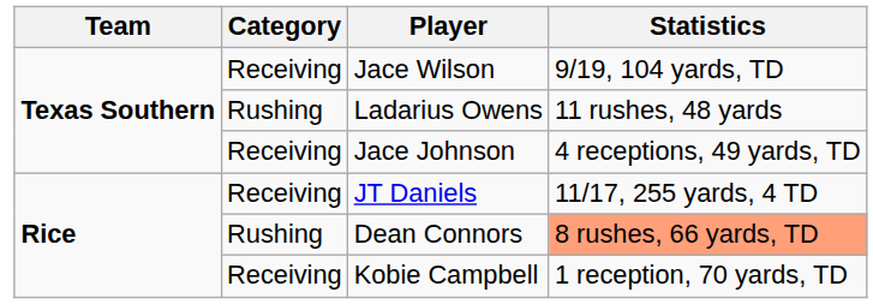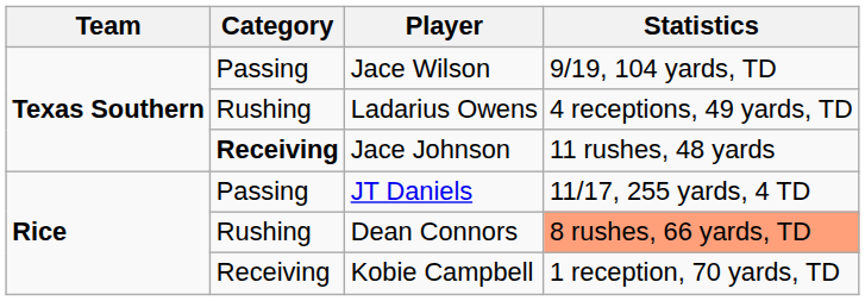 <table class="wikitable" style="float: right;">
 <tr>
 <th>Team</th>
 <th>Category</th>
 <th>Player</th>
 <th>Statistics</th>
 </tr>
 <tr>
 <td rowspan=3><strong>Texas Southern</strong></td>
-<td>Receiving</td>
+<td>Passing</td>
 <td>Jace Wilson</td>
 <td>9/19, 104 yards, TD</td>
 </tr>
 <tr>
 <td>Rushing</td>
 <td>Ladarius Owens</td>
+<td>4 receptions, 49 yards, TD</td>
+</tr>
+<tr>
+<td><strong>Receiving</strong></td>
+<td>Jace Johnson</td>
 <td>11 rushes, 48 yards</td>
 </tr>
 <tr>
-<td>Receiving</td>
-<td>Jace Johnson</td>
-<td>4 receptions, 49 yards, TD</td>
-</tr>
-<tr>
 <td rowspan=3><strong>Rice</strong></td>
-<td>Receiving</td>
+<td>Passing</td>
 <td><a href='#'>JT Daniels</a></td>
 <td>11/17, 255 yards, 4 TD</td>
 </tr>
 <tr>
 <td>Rushing</td>
 <td>Dean Connors</td>
 <td style="background: lightsalmon;">8 rushes, 66 yards, TD</td>
 </tr>
 <tr>
 <td>Receiving</td>
 <td>Kobie Campbell</td>
 <td>1 reception, 70 yards, TD</td>
 </tr>
 </table>
